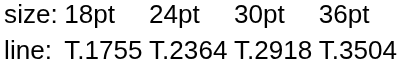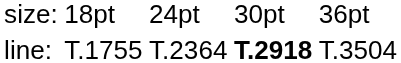 <table style="margin-left:40px;">
 <tr>
 <td>size:</td>
 <td>18pt</td>
 <td>24pt</td>
 <td>30pt</td>
 <td>36pt</td>
 </tr>
 <tr>
 <td>line:</td>
 <td>T.1755</td>
 <td>T.2364</td>
-<td>T.2918</td>
+<td><strong>T.2918</strong></td>
 <td>T.3504</td>
 </tr>
 </table>
